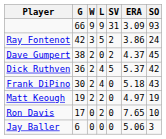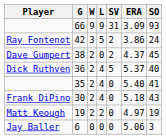 <table class="wikitable sortable">
 <tr>
 <th>Player</th>
 <th>G</th>
 <th>W</th>
 <th>L</th>
 <th>SV</th>
 <th>ERA</th>
 <th>SO</th>
 </tr>
 <tr>
 <td></td>
 <td>66</td>
 <td>9</td>
 <td>9</td>
 <td>31</td>
 <td>3.09</td>
 <td>93</td>
 </tr>
 <tr>
 <td><a href='#'>Ray Fontenot</a></td>
 <td>42</td>
 <td>3</td>
 <td>5</td>
 <td>2</td>
 <td>3.86</td>
 <td>24</td>
 </tr>
 <tr>
 <td><a href='#'>Dave Gumpert</a></td>
 <td>38</td>
 <td>2</td>
 <td>0</td>
 <td>2</td>
 <td>4.37</td>
 <td>45</td>
 </tr>
 <tr>
 <td><a href='#'>Dick Ruthven</a></td>
 <td>36</td>
 <td>2</td>
 <td>4</td>
 <td>5</td>
 <td>5.37</td>
-<td>42</td>
+<td>40</td>
+</tr>
+<tr>
+<td></td>
+<td>35</td>
+<td>2</td>
+<td>4</td>
+<td>0</td>
+<td>5.40</td>
+<td>41</td>
 </tr>
 <tr>
 <td><a href='#'>Frank DiPino</a></td>
 <td>30</td>
 <td>2</td>
 <td>4</td>
 <td>0</td>
 <td>5.18</td>
 <td>43</td>
 </tr>
 <tr>
 <td><a href='#'>Matt Keough</a></td>
 <td>19</td>
 <td>2</td>
 <td>2</td>
 <td>0</td>
 <td>4.97</td>
 <td>19</td>
 </tr>
 <tr>
-<td><a href='#'>Ron Davis</a></td>
-<td>17</td>
-<td>0</td>
-<td>2</td>
-<td>0</td>
-<td>7.65</td>
-<td>10</td>
-</tr>
-<tr>
 <td><a href='#'>Jay Baller</a></td>
 <td>6</td>
 <td>0</td>
 <td>0</td>
 <td>0</td>
 <td>5.06</td>
 <td>3</td>
 </tr>
 </table>
